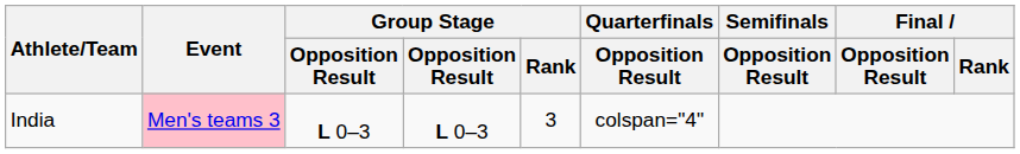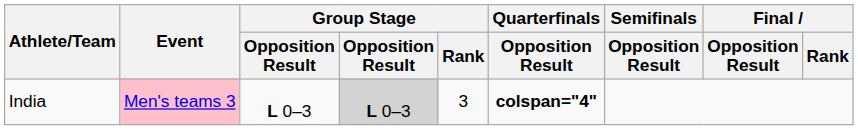 <table class=wikitable style="font-size:90%">
 <tr align=center>
 <th rowspan="2">Athlete/Team</th>
 <th rowspan="2">Event</th>
 <th colspan="3">Group Stage</th>
 <th>Quarterfinals</th>
 <th>Semifinals</th>
 <th colspan="2">Final / </th>
 </tr>
 <tr>
 <th>Opposition<br>Result</th>
 <th>Opposition<br>Result</th>
 <th>Rank</th>
 <th>Opposition<br>Result</th>
 <th>Opposition<br>Result</th>
 <th>Opposition<br>Result</th>
 <th>Rank</th>
 </tr>
 <tr align=center>
 <td align=left>India</td>
 <td align=left style="background: pink;"><a href='#'>Men's teams 3</a></td>
 <td><br> <strong>L</strong> 0–3</td>
-<td><br> <strong>L</strong> 0–3</td>
+<td style="background: lightgrey;"><br> <strong>L</strong> 0–3</td>
 <td>3</td>
-<td>colspan="4" </td>
+<td><strong>colspan="4" </strong></td>
 </tr>
 </table>
